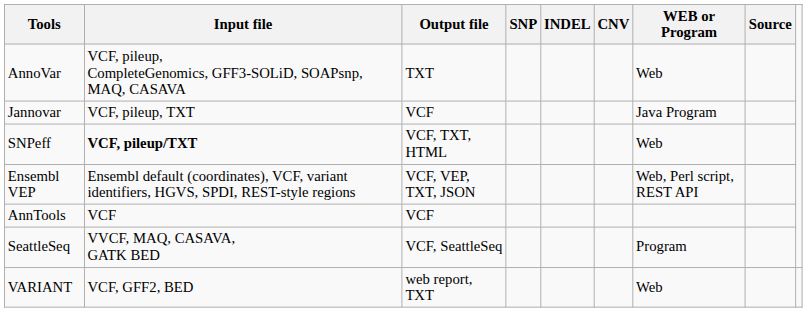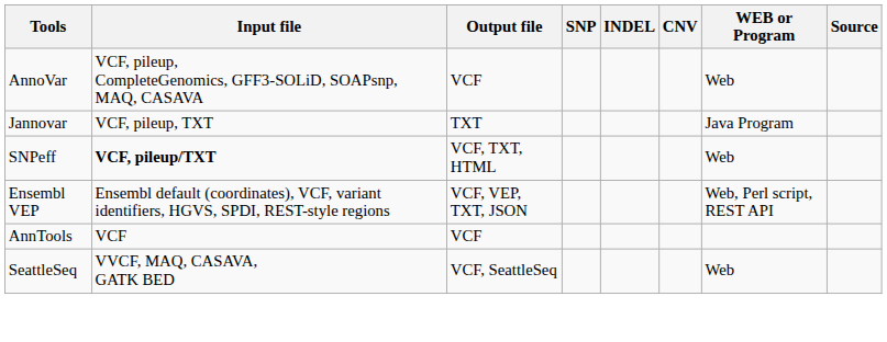 <table class="wikitable">
 <tr>
 <th>Tools</th>
 <th>Input file</th>
 <th>Output file</th>
 <th>SNP</th>
 <th>INDEL</th>
 <th>CNV</th>
 <th>WEB or Program</th>
 <th>Source</th>
 </tr>
 <tr>
 <td>AnnoVar</td>
 <td>VCF, pileup,<br>CompleteGenomics, GFF3-SOLiD, SOAPsnp, MAQ, CASAVA</td>
-<td>TXT</td>
+<td>VCF</td>
 <td></td>
 <td></td>
 <td></td>
 <td>Web</td>
 <td></td>
 </tr>
 <tr>
 <td>Jannovar</td>
 <td>VCF, pileup, TXT</td>
-<td>VCF</td>
+<td>TXT</td>
 <td></td>
 <td></td>
 <td></td>
 <td>Java Program</td>
 <td></td>
 </tr>
 <tr>
 <td>SNPeff</td>
 <td><strong>VCF, pileup/TXT</strong></td>
 <td>VCF, TXT, HTML</td>
 <td></td>
 <td></td>
 <td></td>
 <td>Web</td>
 <td></td>
 </tr>
 <tr>
 <td>Ensembl VEP</td>
 <td>Ensembl default (coordinates), VCF, variant identifiers, HGVS, SPDI, REST-style regions</td>
 <td>VCF, VEP, TXT, JSON</td>
 <td></td>
 <td></td>
 <td></td>
 <td>Web, Perl script, REST API</td>
 <td></td>
 </tr>
 <tr>
 <td>AnnTools</td>
 <td>VCF</td>
 <td>VCF</td>
 <td></td>
 <td></td>
 <td></td>
 <td></td>
 <td></td>
 </tr>
 <tr>
 <td>SeattleSeq</td>
 <td>VVCF, MAQ, CASAVA,<br>GATK BED</td>
 <td>VCF, SeattleSeq</td>
 <td></td>
 <td></td>
 <td></td>
-<td>Program</td>
-<td></td>
-</tr>
-<tr>
-<td>VARIANT</td>
-<td>VCF, GFF2, BED</td>
-<td>web report, TXT</td>
-<td></td>
-<td></td>
-<td></td>
 <td>Web</td>
-<td></td>
 <td></td>
 </tr>
 </table>
